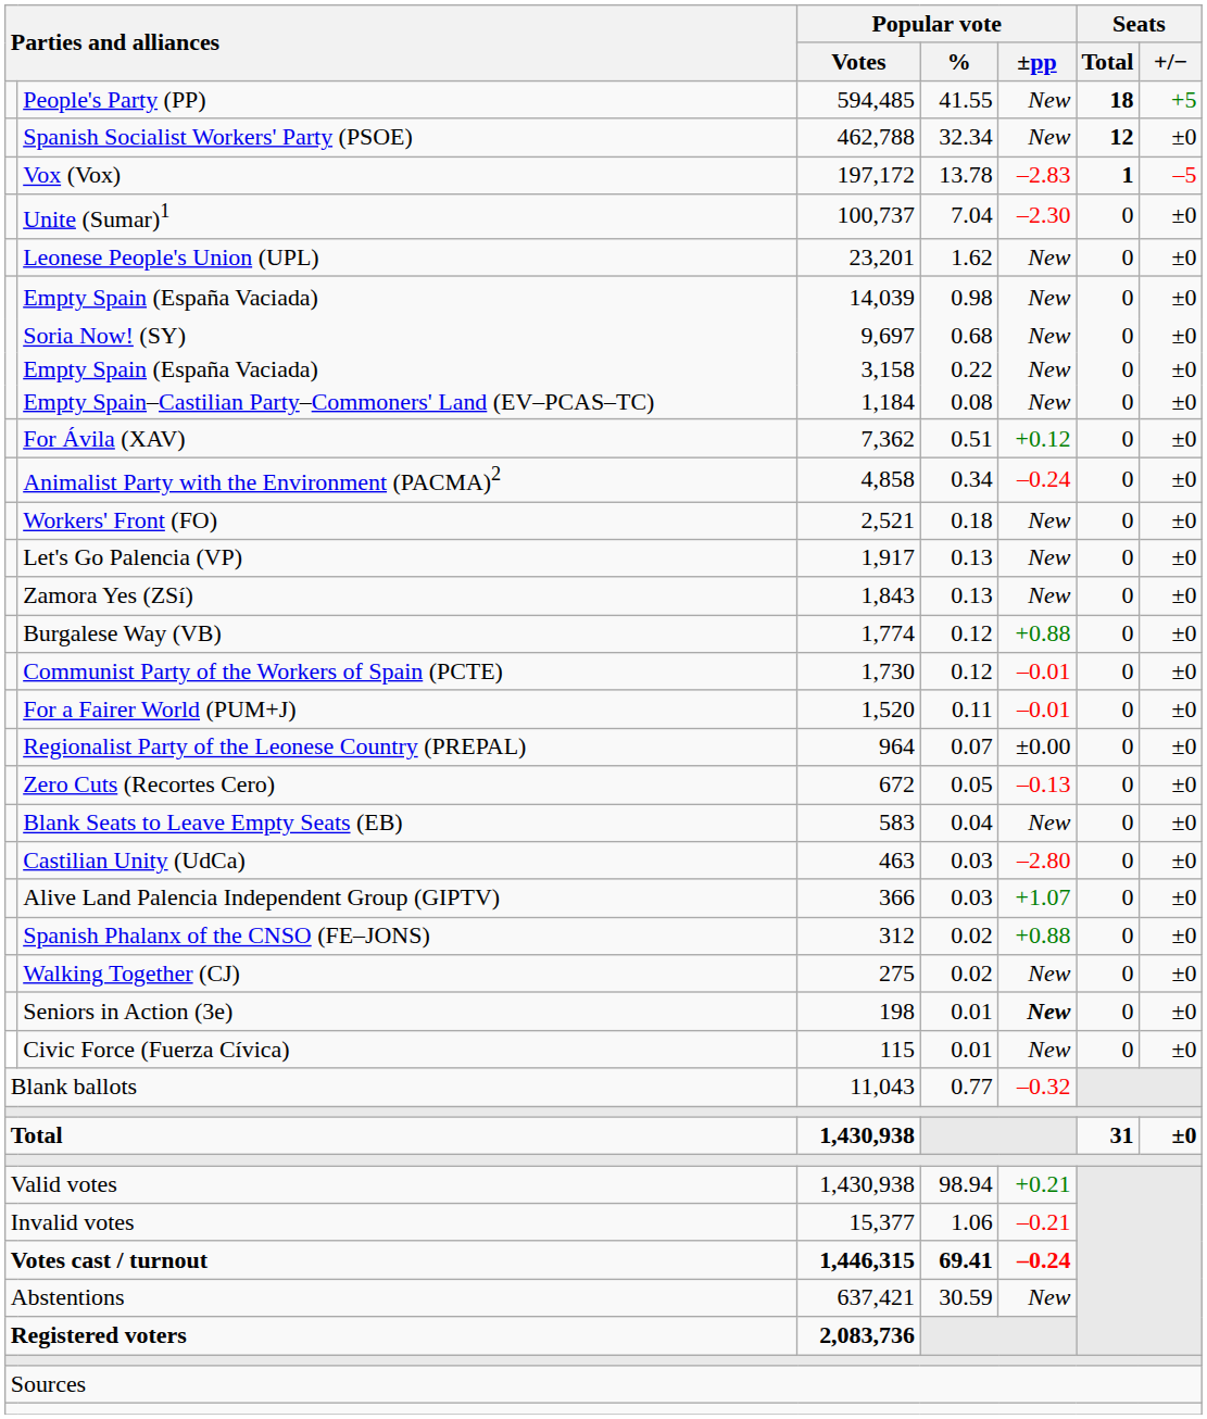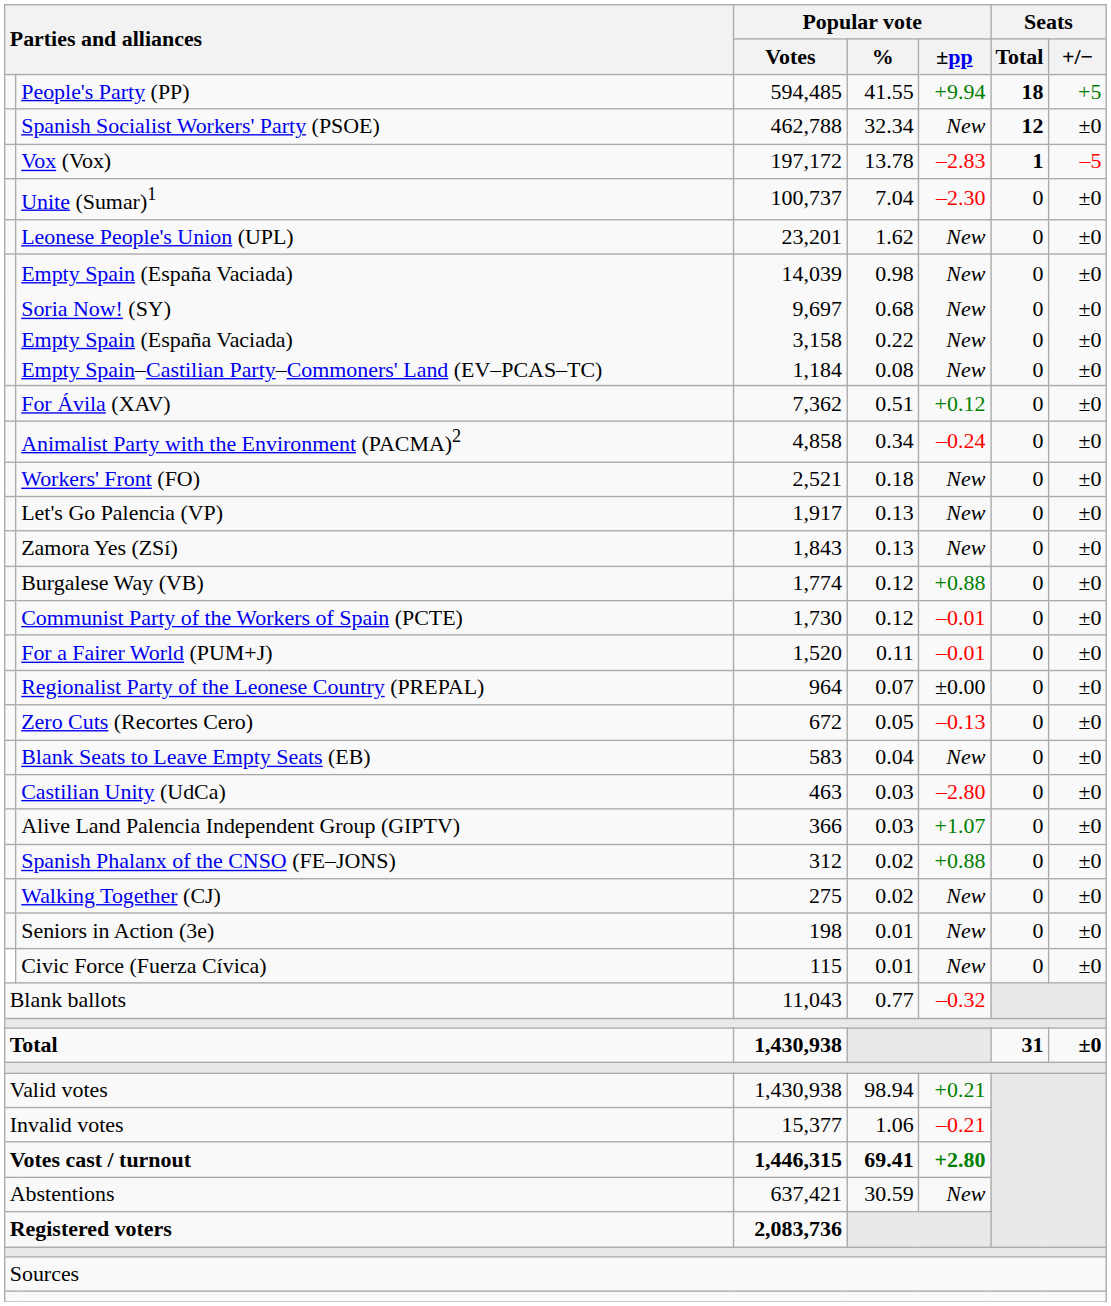 <table class="wikitable" style="text-align:right;">
 <tr>
 <th style="text-align:left;" rowspan="2" colspan="2" width="525">Parties and alliances</th>
 <th colspan="3">Popular vote</th>
 <th colspan="2">Seats</th>
 </tr>
 <tr>
 <th width="75">Votes</th>
 <th width="45">%</th>
 <th width="45">±<a href='#'>pp</a></th>
 <th width="35">Total</th>
 <th width="35">+/−</th>
 </tr>
 <tr>
 <td width="1" style="color:inherit;background:"></td>
 <td align="left"><a href='#'>People's Party</a> (PP)</td>
 <td>594,485</td>
 <td>41.55</td>
-<td><em>New</em></td>
+<td style="color:green;">+9.94</td>
 <td><strong>18</strong></td>
 <td style="color:green;">+5</td>
 </tr>
 <tr>
 <td style="color:inherit;background:"></td>
 <td align="left"><a href='#'>Spanish Socialist Workers' Party</a> (PSOE)</td>
 <td>462,788</td>
 <td>32.34</td>
 <td><em>New</em></td>
 <td><strong>12</strong></td>
 <td>±0</td>
 </tr>
 <tr>
 <td style="color:inherit;background:"></td>
 <td align="left"><a href='#'>Vox</a> (Vox)</td>
 <td>197,172</td>
 <td>13.78</td>
 <td style="color:red;">–2.83</td>
 <td><strong>1</strong></td>
 <td style="color:red;">–5</td>
 </tr>
 <tr>
 <td style="color:inherit;background:"></td>
 <td align="left"><a href='#'>Unite</a> (Sumar)<sup>1</sup></td>
 <td>100,737</td>
 <td>7.04</td>
 <td style="color:red;">–2.30</td>
 <td>0</td>
 <td>±0</td>
 </tr>
 <tr>
 <td style="color:inherit;background:"></td>
 <td align="left"><a href='#'>Leonese People's Union</a> (UPL)</td>
 <td>23,201</td>
 <td>1.62</td>
 <td><em>New</em></td>
 <td>0</td>
 <td>±0</td>
 </tr>
 <tr style="line-height:22px;">
 <td rowspan="4" style="color:inherit;background:"></td>
 <td align="left"><a href='#'>Empty Spain</a> (España Vaciada)</td>
 <td>14,039</td>
 <td>0.98</td>
 <td><em>New</em></td>
 <td>0</td>
 <td>±0</td>
 </tr>
 <tr style="border-bottom-style:hidden; border-top-style:hidden; line-height:16px;">
 <td align="left"><span><a href='#'>Soria Now!</a> (SY)</span></td>
 <td>9,697</td>
 <td>0.68</td>
 <td><em>New</em></td>
 <td>0</td>
 <td>±0</td>
 </tr>
 <tr style="border-bottom-style:hidden; line-height:16px;">
 <td align="left"><span><a href='#'>Empty Spain</a> (España Vaciada)</span></td>
 <td>3,158</td>
 <td>0.22</td>
 <td><em>New</em></td>
 <td>0</td>
 <td>±0</td>
 </tr>
 <tr style="line-height:16px;">
 <td align="left"><span><a href='#'>Empty Spain</a>–<a href='#'>Castilian Party</a>–<a href='#'>Commoners' Land</a> (EV–PCAS–TC)</span></td>
 <td>1,184</td>
 <td>0.08</td>
 <td><em>New</em></td>
 <td>0</td>
 <td>±0</td>
 </tr>
 <tr>
 <td style="color:inherit;background:"></td>
 <td align="left"><a href='#'>For Ávila</a> (XAV)</td>
 <td>7,362</td>
 <td>0.51</td>
 <td style="color:green;">+0.12</td>
 <td>0</td>
 <td>±0</td>
 </tr>
 <tr>
 <td style="color:inherit;background:"></td>
 <td align="left"><a href='#'>Animalist Party with the Environment</a> (PACMA)<sup>2</sup></td>
 <td>4,858</td>
 <td>0.34</td>
 <td style="color:red;">–0.24</td>
 <td>0</td>
 <td>±0</td>
 </tr>
 <tr>
 <td style="color:inherit;background:"></td>
 <td align="left"><a href='#'>Workers' Front</a> (FO)</td>
 <td>2,521</td>
 <td>0.18</td>
 <td><em>New</em></td>
 <td>0</td>
 <td>±0</td>
 </tr>
 <tr>
 <td style="color:inherit;background:"></td>
 <td align="left">Let's Go Palencia (VP)</td>
 <td>1,917</td>
 <td>0.13</td>
 <td><em>New</em></td>
 <td>0</td>
 <td>±0</td>
 </tr>
 <tr>
 <td style="color:inherit;background:"></td>
 <td align="left">Zamora Yes (ZSí)</td>
 <td>1,843</td>
 <td>0.13</td>
 <td><em>New</em></td>
 <td>0</td>
 <td>±0</td>
 </tr>
 <tr>
 <td style="color:inherit;background:"></td>
 <td align="left">Burgalese Way (VB)</td>
 <td>1,774</td>
 <td>0.12</td>
 <td style="color:green;">+0.88</td>
 <td>0</td>
 <td>±0</td>
 </tr>
 <tr>
 <td style="color:inherit;background:"></td>
 <td align="left"><a href='#'>Communist Party of the Workers of Spain</a> (PCTE)</td>
 <td>1,730</td>
 <td>0.12</td>
 <td style="color:red;">–0.01</td>
 <td>0</td>
 <td>±0</td>
 </tr>
 <tr>
 <td style="color:inherit;background:"></td>
 <td align="left"><a href='#'>For a Fairer World</a> (PUM+J)</td>
 <td>1,520</td>
 <td>0.11</td>
 <td style="color:red;">–0.01</td>
 <td>0</td>
 <td>±0</td>
 </tr>
 <tr>
 <td style="color:inherit;background:"></td>
 <td align="left"><a href='#'>Regionalist Party of the Leonese Country</a> (PREPAL)</td>
 <td>964</td>
 <td>0.07</td>
 <td>±0.00</td>
 <td>0</td>
 <td>±0</td>
 </tr>
 <tr>
 <td style="color:inherit;background:"></td>
 <td align="left"><a href='#'>Zero Cuts</a> (Recortes Cero)</td>
 <td>672</td>
 <td>0.05</td>
 <td style="color:red;">–0.13</td>
 <td>0</td>
 <td>±0</td>
 </tr>
 <tr>
 <td style="color:inherit;background:"></td>
 <td align="left"><a href='#'>Blank Seats to Leave Empty Seats</a> (EB)</td>
 <td>583</td>
 <td>0.04</td>
 <td><em>New</em></td>
 <td>0</td>
 <td>±0</td>
 </tr>
 <tr>
 <td style="color:inherit;background:"></td>
 <td align="left"><a href='#'>Castilian Unity</a> (UdCa)</td>
 <td>463</td>
 <td>0.03</td>
 <td style="color:red;">–2.80</td>
 <td>0</td>
 <td>±0</td>
 </tr>
 <tr>
 <td style="color:inherit;background:"></td>
 <td align="left">Alive Land Palencia Independent Group (GIPTV)</td>
 <td>366</td>
 <td>0.03</td>
 <td style="color:green;">+1.07</td>
 <td>0</td>
 <td>±0</td>
 </tr>
 <tr>
 <td style="color:inherit;background:"></td>
 <td align="left"><a href='#'>Spanish Phalanx of the CNSO</a> (FE–JONS)</td>
 <td>312</td>
 <td>0.02</td>
 <td style="color:green;">+0.88</td>
 <td>0</td>
 <td>±0</td>
 </tr>
 <tr>
 <td style="color:inherit;background:"></td>
 <td align="left"><a href='#'>Walking Together</a> (CJ)</td>
 <td>275</td>
 <td>0.02</td>
 <td><em>New</em></td>
 <td>0</td>
 <td>±0</td>
 </tr>
 <tr>
 <td style="color:inherit;background:"></td>
 <td align="left">Seniors in Action (3e)</td>
 <td>198</td>
 <td>0.01</td>
-<td><strong><em>New</em></strong></td>
+<td><em>New</em></td>
 <td>0</td>
 <td>±0</td>
 </tr>
 <tr>
 <td bgcolor="white"></td>
 <td align="left">Civic Force (Fuerza Cívica)</td>
 <td>115</td>
 <td>0.01</td>
 <td><em>New</em></td>
 <td>0</td>
 <td>±0</td>
 </tr>
 <tr>
 <td align="left" colspan="2">Blank ballots</td>
 <td>11,043</td>
 <td>0.77</td>
 <td style="color:red;">–0.32</td>
 <td bgcolor="#E9E9E9" colspan="2"></td>
 </tr>
 <tr>
 <td colspan="7" bgcolor="#E9E9E9"></td>
 </tr>
 <tr style="font-weight:bold;">
 <td align="left" colspan="2">Total</td>
 <td>1,430,938</td>
 <td bgcolor="#E9E9E9" colspan="2"></td>
 <td>31</td>
 <td>±0</td>
 </tr>
 <tr>
 <td colspan="7" bgcolor="#E9E9E9"></td>
 </tr>
 <tr>
 <td align="left" colspan="2">Valid votes</td>
 <td>1,430,938</td>
 <td>98.94</td>
 <td style="color:green;">+0.21</td>
 <td bgcolor="#E9E9E9" colspan="2" rowspan="5"></td>
 </tr>
 <tr>
 <td align="left" colspan="2">Invalid votes</td>
 <td>15,377</td>
 <td>1.06</td>
 <td style="color:red;">–0.21</td>
 </tr>
 <tr style="font-weight:bold;">
 <td align="left" colspan="2">Votes cast / turnout</td>
 <td>1,446,315</td>
 <td>69.41</td>
-<td style="color:red;">–0.24</td>
+<td style="color:green;">+2.80</td>
 </tr>
 <tr>
 <td align="left" colspan="2">Abstentions</td>
 <td>637,421</td>
 <td>30.59</td>
 <td><em>New</em></td>
 </tr>
 <tr style="font-weight:bold;">
 <td align="left" colspan="2">Registered voters</td>
 <td>2,083,736</td>
 <td bgcolor="#E9E9E9" colspan="2"></td>
 </tr>
 <tr>
 <td colspan="7" bgcolor="#E9E9E9"></td>
 </tr>
 <tr>
 <td align="left" colspan="7">Sources</td>
 </tr>
 <tr>
 <td colspan="7" style="text-align:left; max-width:790px;"></td>
 </tr>
 </table>
